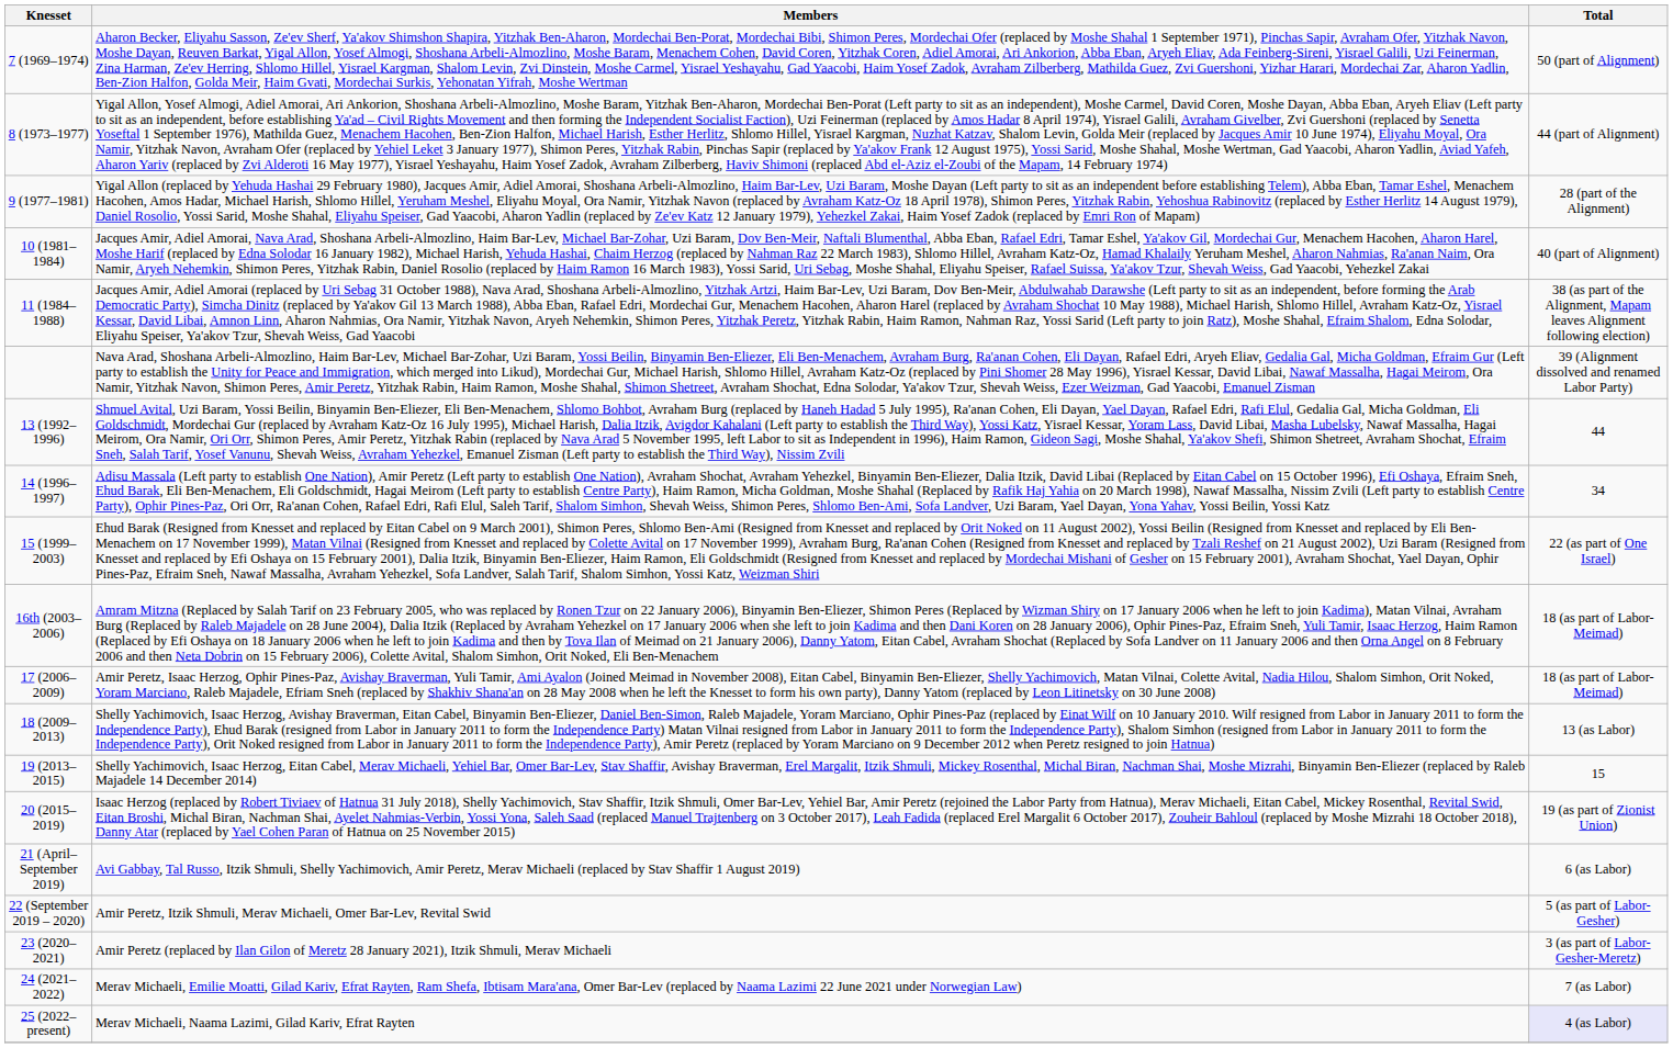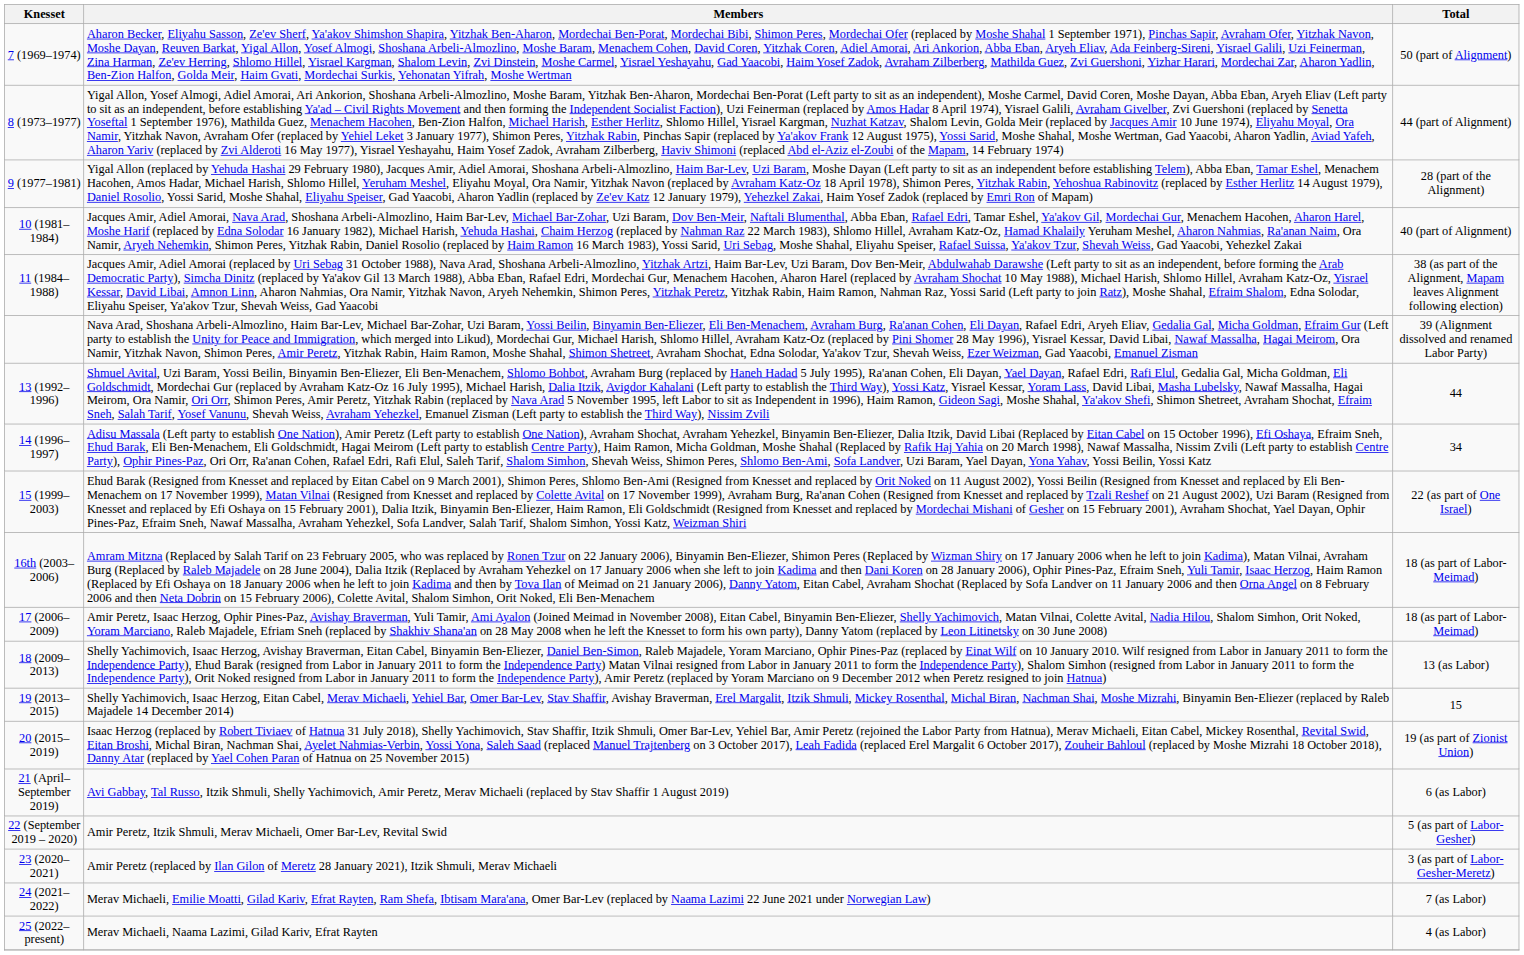 <table class="wikitable" style="text-align:center;">
 <tr>
 <th>Knesset</th>
 <th>Members</th>
 <th>Total</th>
 </tr>
 <tr>
 <td><a href='#'>7</a> (1969–1974)</td>
 <td style="text-align:left"><a href='#'>Aharon Becker</a>, <a href='#'>Eliyahu Sasson</a>, <a href='#'>Ze'ev Sherf</a>, <a href='#'>Ya'akov Shimshon Shapira</a>, <a href='#'>Yitzhak Ben-Aharon</a>, <a href='#'>Mordechai Ben-Porat</a>, <a href='#'>Mordechai Bibi</a>, <a href='#'>Shimon Peres</a>, <a href='#'>Mordechai Ofer</a> (replaced by <a href='#'>Moshe Shahal</a> 1 September 1971), <a href='#'>Pinchas Sapir</a>, <a href='#'>Avraham Ofer</a>, <a href='#'>Yitzhak Navon</a>, <a href='#'>Moshe Dayan</a>, <a href='#'>Reuven Barkat</a>, <a href='#'>Yigal Allon</a>, <a href='#'>Yosef Almogi</a>, <a href='#'>Shoshana Arbeli-Almozlino</a>, <a href='#'>Moshe Baram</a>, <a href='#'>Menachem Cohen</a>, <a href='#'>David Coren</a>, <a href='#'>Yitzhak Coren</a>, <a href='#'>Adiel Amorai</a>, <a href='#'>Ari Ankorion</a>, <a href='#'>Abba Eban</a>, <a href='#'>Aryeh Eliav</a>, <a href='#'>Ada Feinberg-Sireni</a>, <a href='#'>Yisrael Galili</a>, <a href='#'>Uzi Feinerman</a>, <a href='#'>Zina Harman</a>, <a href='#'>Ze'ev Herring</a>, <a href='#'>Shlomo Hillel</a>, <a href='#'>Yisrael Kargman</a>, <a href='#'>Shalom Levin</a>, <a href='#'>Zvi Dinstein</a>, <a href='#'>Moshe Carmel</a>, <a href='#'>Yisrael Yeshayahu</a>, <a href='#'>Gad Yaacobi</a>, <a href='#'>Haim Yosef Zadok</a>, <a href='#'>Avraham Zilberberg</a>, <a href='#'>Mathilda Guez</a>, <a href='#'>Zvi Guershoni</a>, <a href='#'>Yizhar Harari</a>, <a href='#'>Mordechai Zar</a>, <a href='#'>Aharon Yadlin</a>, <a href='#'>Ben-Zion Halfon</a>, <a href='#'>Golda Meir</a>, <a href='#'>Haim Gvati</a>, <a href='#'>Mordechai Surkis</a>, <a href='#'>Yehonatan Yifrah</a>, <a href='#'>Moshe Wertman</a></td>
 <td>50 (part of <a href='#'>Alignment</a>)</td>
 </tr>
 <tr>
 <td><a href='#'>8</a> (1973–1977)</td>
 <td style="text-align:left">Yigal Allon, Yosef Almogi, Adiel Amorai, Ari Ankorion, Shoshana Arbeli-Almozlino, Moshe Baram, Yitzhak Ben-Aharon, Mordechai Ben-Porat (Left party to sit as an independent), Moshe Carmel, David Coren, Moshe Dayan, Abba Eban, Aryeh Eliav (Left party to sit as an independent, before establishing <a href='#'>Ya'ad – Civil Rights Movement</a> and then forming the <a href='#'>Independent Socialist Faction</a>), Uzi Feinerman (replaced by <a href='#'>Amos Hadar</a> 8 April 1974), Yisrael Galili, <a href='#'>Avraham Givelber</a>, Zvi Guershoni (replaced by <a href='#'>Senetta Yoseftal</a> 1 September 1976), Mathilda Guez, <a href='#'>Menachem Hacohen</a>, Ben-Zion Halfon, <a href='#'>Michael Harish</a>, <a href='#'>Esther Herlitz</a>, Shlomo Hillel, Yisrael Kargman, <a href='#'>Nuzhat Katzav</a>, Shalom Levin, Golda Meir (replaced by <a href='#'>Jacques Amir</a> 10 June 1974), <a href='#'>Eliyahu Moyal</a>, <a href='#'>Ora Namir</a>, Yitzhak Navon, Avraham Ofer (replaced by <a href='#'>Yehiel Leket</a> 3 January 1977), Shimon Peres, <a href='#'>Yitzhak Rabin</a>, Pinchas Sapir (replaced by <a href='#'>Ya'akov Frank</a> 12 August 1975), <a href='#'>Yossi Sarid</a>, Moshe Shahal, Moshe Wertman, Gad Yaacobi, Aharon Yadlin, <a href='#'>Aviad Yafeh</a>, <a href='#'>Aharon Yariv</a> (replaced by <a href='#'>Zvi Alderoti</a> 16 May 1977), Yisrael Yeshayahu, Haim Yosef Zadok, Avraham Zilberberg, <a href='#'>Haviv Shimoni</a> (replaced <a href='#'>Abd el-Aziz el-Zoubi</a> of the <a href='#'>Mapam</a>, 14 February 1974)</td>
 <td>44 (part of Alignment)</td>
 </tr>
 <tr>
 <td><a href='#'>9</a> (1977–1981)</td>
 <td style="text-align:left">Yigal Allon (replaced by <a href='#'>Yehuda Hashai</a> 29 February 1980), Jacques Amir, Adiel Amorai, Shoshana Arbeli-Almozlino, <a href='#'>Haim Bar-Lev</a>, <a href='#'>Uzi Baram</a>, Moshe Dayan (Left party to sit as an independent before establishing <a href='#'>Telem</a>), Abba Eban, <a href='#'>Tamar Eshel</a>, Menachem Hacohen, Amos Hadar, Michael Harish, Shlomo Hillel, <a href='#'>Yeruham Meshel</a>, Eliyahu Moyal, Ora Namir, Yitzhak Navon (replaced by <a href='#'>Avraham Katz-Oz</a> 18 April 1978), Shimon Peres, <a href='#'>Yitzhak Rabin</a>, <a href='#'>Yehoshua Rabinovitz</a> (replaced by <a href='#'>Esther Herlitz</a> 14 August 1979), <a href='#'>Daniel Rosolio</a>, Yossi Sarid, Moshe Shahal, <a href='#'>Eliyahu Speiser</a>, Gad Yaacobi, Aharon Yadlin (replaced by <a href='#'>Ze'ev Katz</a> 12 January 1979), <a href='#'>Yehezkel Zakai</a>, Haim Yosef Zadok (replaced by <a href='#'>Emri Ron</a> of Mapam)</td>
 <td>28 (part of the Alignment)</td>
 </tr>
 <tr>
 <td><a href='#'>10</a> (1981–1984)</td>
 <td style="text-align:left">Jacques Amir, Adiel Amorai, <a href='#'>Nava Arad</a>, Shoshana Arbeli-Almozlino, Haim Bar-Lev, <a href='#'>Michael Bar-Zohar</a>, Uzi Baram, <a href='#'>Dov Ben-Meir</a>, <a href='#'>Naftali Blumenthal</a>, Abba Eban, <a href='#'>Rafael Edri</a>, Tamar Eshel, <a href='#'>Ya'akov Gil</a>, <a href='#'>Mordechai Gur</a>, Menachem Hacohen, <a href='#'>Aharon Harel</a>, <a href='#'>Moshe Harif</a> (replaced by <a href='#'>Edna Solodar</a> 16 January 1982), Michael Harish, <a href='#'>Yehuda Hashai</a>, <a href='#'>Chaim Herzog</a> (replaced by <a href='#'>Nahman Raz</a> 22 March 1983), Shlomo Hillel, Avraham Katz-Oz, <a href='#'>Hamad Khalaily</a> Yeruham Meshel, <a href='#'>Aharon Nahmias</a>, <a href='#'>Ra'anan Naim</a>, Ora Namir, <a href='#'>Aryeh Nehemkin</a>, Shimon Peres, Yitzhak Rabin, Daniel Rosolio (replaced by <a href='#'>Haim Ramon</a> 16 March 1983), Yossi Sarid, <a href='#'>Uri Sebag</a>, Moshe Shahal, Eliyahu Speiser, <a href='#'>Rafael Suissa</a>, <a href='#'>Ya'akov Tzur</a>, <a href='#'>Shevah Weiss</a>, Gad Yaacobi, Yehezkel Zakai</td>
 <td>40 (part of Alignment)</td>
 </tr>
 <tr>
 <td><a href='#'>11</a> (1984–1988)</td>
 <td style="text-align:left">Jacques Amir, Adiel Amorai (replaced by <a href='#'>Uri Sebag</a> 31 October 1988), Nava Arad, Shoshana Arbeli-Almozlino, <a href='#'>Yitzhak Artzi</a>, Haim Bar-Lev, Uzi Baram, Dov Ben-Meir, <a href='#'>Abdulwahab Darawshe</a> (Left party to sit as an independent, before forming the <a href='#'>Arab Democratic Party</a>), <a href='#'>Simcha Dinitz</a> (replaced by Ya'akov Gil 13 March 1988), Abba Eban, Rafael Edri, Mordechai Gur, Menachem Hacohen, Aharon Harel (replaced by <a href='#'>Avraham Shochat</a> 10 May 1988), Michael Harish, Shlomo Hillel, Avraham Katz-Oz, <a href='#'>Yisrael Kessar</a>, <a href='#'>David Libai</a>, <a href='#'>Amnon Linn</a>, Aharon Nahmias, Ora Namir, Yitzhak Navon, Aryeh Nehemkin, Shimon Peres, <a href='#'>Yitzhak Peretz</a>, Yitzhak Rabin, Haim Ramon, Nahman Raz, Yossi Sarid (Left party to join <a href='#'>Ratz</a>), Moshe Shahal, <a href='#'>Efraim Shalom</a>, Edna Solodar, Eliyahu Speiser, Ya'akov Tzur, Shevah Weiss, Gad Yaacobi</td>
 <td>38 (as part of the Alignment, <a href='#'>Mapam</a> leaves Alignment following election)</td>
 </tr>
 <tr>
 <td></td>
 <td style="text-align:left">Nava Arad, Shoshana Arbeli-Almozlino, Haim Bar-Lev, Michael Bar-Zohar, Uzi Baram, <a href='#'>Yossi Beilin</a>, <a href='#'>Binyamin Ben-Eliezer</a>, <a href='#'>Eli Ben-Menachem</a>, <a href='#'>Avraham Burg</a>, <a href='#'>Ra'anan Cohen</a>, <a href='#'>Eli Dayan</a>, Rafael Edri, Aryeh Eliav, <a href='#'>Gedalia Gal</a>, <a href='#'>Micha Goldman</a>, <a href='#'>Efraim Gur</a> (Left party to establish the <a href='#'>Unity for Peace and Immigration</a>, which merged into Likud), Mordechai Gur, Michael Harish, Shlomo Hillel, Avraham Katz-Oz (replaced by <a href='#'>Pini Shomer</a> 28 May 1996), Yisrael Kessar, David Libai, <a href='#'>Nawaf Massalha</a>, <a href='#'>Hagai Meirom</a>, Ora Namir, Yitzhak Navon, Shimon Peres, <a href='#'>Amir Peretz</a>, Yitzhak Rabin, Haim Ramon, Moshe Shahal, <a href='#'>Shimon Shetreet</a>, Avraham Shochat, Edna Solodar, Ya'akov Tzur, Shevah Weiss, <a href='#'>Ezer Weizman</a>, Gad Yaacobi, <a href='#'>Emanuel Zisman</a></td>
 <td>39 (Alignment dissolved and renamed Labor Party)</td>
 </tr>
 <tr>
 <td><a href='#'>13</a> (1992–1996)</td>
 <td style="text-align:left"><a href='#'>Shmuel Avital</a>, Uzi Baram, Yossi Beilin, Binyamin Ben-Eliezer, Eli Ben-Menachem, <a href='#'>Shlomo Bohbot</a>, Avraham Burg (replaced by <a href='#'>Haneh Hadad</a> 5 July 1995), Ra'anan Cohen, Eli Dayan, <a href='#'>Yael Dayan</a>, Rafael Edri, <a href='#'>Rafi Elul</a>, Gedalia Gal, Micha Goldman, <a href='#'>Eli Goldschmidt</a>, Mordechai Gur (replaced by Avraham Katz-Oz 16 July 1995), Michael Harish, <a href='#'>Dalia Itzik</a>, <a href='#'>Avigdor Kahalani</a> (Left party to establish the <a href='#'>Third Way</a>), <a href='#'>Yossi Katz</a>, Yisrael Kessar, <a href='#'>Yoram Lass</a>, David Libai, <a href='#'>Masha Lubelsky</a>, Nawaf Massalha, Hagai Meirom, Ora Namir, <a href='#'>Ori Orr</a>, Shimon Peres, Amir Peretz, Yitzhak Rabin (replaced by <a href='#'>Nava Arad</a> 5 November 1995, left Labor to sit as Independent in 1996), Haim Ramon, <a href='#'>Gideon Sagi</a>, Moshe Shahal, <a href='#'>Ya'akov Shefi</a>, Shimon Shetreet, Avraham Shochat, <a href='#'>Efraim Sneh</a>, <a href='#'>Salah Tarif</a>, <a href='#'>Yosef Vanunu</a>, Shevah Weiss, <a href='#'>Avraham Yehezkel</a>, Emanuel Zisman (Left party to establish the <a href='#'>Third Way</a>), <a href='#'>Nissim Zvili</a></td>
 <td>44</td>
 </tr>
 <tr>
 <td><a href='#'>14</a> (1996–1997)</td>
 <td style="text-align:left"><a href='#'>Adisu Massala</a> (Left party to establish <a href='#'>One Nation</a>), Amir Peretz (Left party to establish <a href='#'>One Nation</a>), Avraham Shochat, Avraham Yehezkel, Binyamin Ben-Eliezer, Dalia Itzik, David Libai (Replaced by <a href='#'>Eitan Cabel</a> on 15 October 1996), <a href='#'>Efi Oshaya</a>, Efraim Sneh, <a href='#'>Ehud Barak</a>, Eli Ben-Menachem, Eli Goldschmidt, Hagai Meirom (Left party to establish <a href='#'>Centre Party</a>), Haim Ramon, Micha Goldman, Moshe Shahal (Replaced by <a href='#'>Rafik Haj Yahia</a> on 20 March 1998), Nawaf Massalha, Nissim Zvili (Left party to establish <a href='#'>Centre Party</a>), <a href='#'>Ophir Pines-Paz</a>, Ori Orr, Ra'anan Cohen, Rafael Edri, Rafi Elul, Saleh Tarif, <a href='#'>Shalom Simhon</a>, Shevah Weiss, Shimon Peres, <a href='#'>Shlomo Ben-Ami</a>, <a href='#'>Sofa Landver</a>, Uzi Baram, Yael Dayan, <a href='#'>Yona Yahav</a>, Yossi Beilin, Yossi Katz</td>
 <td>34</td>
 </tr>
 <tr>
 <td><a href='#'>15</a> (1999–2003)</td>
 <td style="text-align:left">Ehud Barak (Resigned from Knesset and replaced by Eitan Cabel on 9 March 2001), Shimon Peres, Shlomo Ben-Ami (Resigned from Knesset and replaced by <a href='#'>Orit Noked</a> on 11 August 2002), Yossi Beilin (Resigned from Knesset and replaced by Eli Ben-Menachem on 17 November 1999), <a href='#'>Matan Vilnai</a> (Resigned from Knesset and replaced by <a href='#'>Colette Avital</a> on 17 November 1999), Avraham Burg, Ra'anan Cohen (Resigned from Knesset and replaced by <a href='#'>Tzali Reshef</a> on 21 August 2002), Uzi Baram (Resigned from Knesset and replaced by Efi Oshaya on 15 February 2001), Dalia Itzik, Binyamin Ben-Eliezer, Haim Ramon, Eli Goldschmidt (Resigned from Knesset and replaced by <a href='#'>Mordechai Mishani</a> of <a href='#'>Gesher</a> on 15 February 2001), Avraham Shochat, Yael Dayan, Ophir Pines-Paz, Efraim Sneh, Nawaf Massalha, Avraham Yehezkel, Sofa Landver, Salah Tarif, Shalom Simhon, Yossi Katz, <a href='#'>Weizman Shiri</a></td>
 <td>22 (as part of <a href='#'>One Israel</a>)</td>
 </tr>
 <tr>
 <td><a href='#'>16th</a> (2003–2006)</td>
 <td style="text-align:left"><br><a href='#'>Amram Mitzna</a> (Replaced by Salah Tarif on 23 February 2005, who was replaced by <a href='#'>Ronen Tzur</a> on 22 January 2006), Binyamin Ben-Eliezer, Shimon Peres (Replaced by <a href='#'>Wizman Shiry</a> on 17 January 2006 when he left to join <a href='#'>Kadima</a>), Matan Vilnai, Avraham Burg (Replaced by <a href='#'>Raleb Majadele</a> on 28 June 2004), Dalia Itzik (Replaced by Avraham Yehezkel on 17 January 2006 when she left to join <a href='#'>Kadima</a> and then <a href='#'>Dani Koren</a> on 28 January 2006), Ophir Pines-Paz, Efraim Sneh, <a href='#'>Yuli Tamir</a>, <a href='#'>Isaac Herzog</a>, Haim Ramon (Replaced by Efi Oshaya on 18 January 2006 when he left to join <a href='#'>Kadima</a> and then by <a href='#'>Tova Ilan</a> of Meimad on 21 January 2006), <a href='#'>Danny Yatom</a>, Eitan Cabel, Avraham Shochat (Replaced by Sofa Landver on 11 January 2006 and then <a href='#'>Orna Angel</a> on 8 February 2006 and then <a href='#'>Neta Dobrin</a> on 15 February 2006), Colette Avital, Shalom Simhon, Orit Noked, Eli Ben-Menachem</td>
 <td>18 (as part of Labor-<a href='#'>Meimad</a>)</td>
 </tr>
 <tr>
 <td><a href='#'>17</a> (2006–2009)</td>
 <td style="text-align:left">Amir Peretz, Isaac Herzog, Ophir Pines-Paz, <a href='#'>Avishay Braverman</a>, Yuli Tamir, <a href='#'>Ami Ayalon</a> (Joined Meimad in November 2008), Eitan Cabel, Binyamin Ben-Eliezer, <a href='#'>Shelly Yachimovich</a>, Matan Vilnai, Colette Avital, <a href='#'>Nadia Hilou</a>, Shalom Simhon, Orit Noked, <a href='#'>Yoram Marciano</a>, Raleb Majadele, Efriam Sneh (replaced by <a href='#'>Shakhiv Shana'an</a> on 28 May 2008 when he left the Knesset to form his own party), Danny Yatom (replaced by <a href='#'>Leon Litinetsky</a> on 30 June 2008)</td>
 <td>18 (as part of Labor-<a href='#'>Meimad</a>)</td>
 </tr>
 <tr>
 <td><a href='#'>18</a> (2009–2013)</td>
 <td style="text-align:left">Shelly Yachimovich, Isaac Herzog, Avishay Braverman, Eitan Cabel, Binyamin Ben-Eliezer, <a href='#'>Daniel Ben-Simon</a>, Raleb Majadele, Yoram Marciano, Ophir Pines-Paz (replaced by <a href='#'>Einat Wilf</a> on 10 January 2010. Wilf resigned from Labor in January 2011 to form the <a href='#'>Independence Party</a>), Ehud Barak (resigned from Labor in January 2011 to form the <a href='#'>Independence Party</a>) Matan Vilnai resigned from Labor in January 2011 to form the <a href='#'>Independence Party</a>), Shalom Simhon (resigned from Labor in January 2011 to form the <a href='#'>Independence Party</a>), Orit Noked resigned from Labor in January 2011 to form the <a href='#'>Independence Party</a>), Amir Peretz (replaced by Yoram Marciano on 9 December 2012 when Peretz resigned to join <a href='#'>Hatnua</a>)</td>
 <td>13 (as Labor)</td>
 </tr>
 <tr>
 <td><a href='#'>19</a> (2013–2015)</td>
 <td style="text-align:left">Shelly Yachimovich, Isaac Herzog, Eitan Cabel, <a href='#'>Merav Michaeli</a>, <a href='#'>Yehiel Bar</a>, <a href='#'>Omer Bar-Lev</a>, <a href='#'>Stav Shaffir</a>, Avishay Braverman, <a href='#'>Erel Margalit</a>, <a href='#'>Itzik Shmuli</a>, <a href='#'>Mickey Rosenthal</a>, <a href='#'>Michal Biran</a>, <a href='#'>Nachman Shai</a>, <a href='#'>Moshe Mizrahi</a>, Binyamin Ben-Eliezer (replaced by Raleb Majadele 14 December 2014)</td>
 <td>15</td>
 </tr>
 <tr>
 <td><a href='#'>20</a> (2015–2019)</td>
 <td style="text-align:left">Isaac Herzog (replaced by <a href='#'>Robert Tiviaev</a> of <a href='#'>Hatnua</a> 31 July 2018), Shelly Yachimovich, Stav Shaffir, Itzik Shmuli, Omer Bar-Lev, Yehiel Bar, Amir Peretz (rejoined the Labor Party from Hatnua), Merav Michaeli, Eitan Cabel, Mickey Rosenthal, <a href='#'>Revital Swid</a>, <a href='#'>Eitan Broshi</a>, Michal Biran, Nachman Shai, <a href='#'>Ayelet Nahmias-Verbin</a>, <a href='#'>Yossi Yona</a>, <a href='#'>Saleh Saad</a> (replaced <a href='#'>Manuel Trajtenberg</a> on 3 October 2017), <a href='#'>Leah Fadida</a> (replaced Erel Margalit 6 October 2017), <a href='#'>Zouheir Bahloul</a> (replaced by Moshe Mizrahi 18 October 2018), <a href='#'>Danny Atar</a> (replaced by <a href='#'>Yael Cohen Paran</a> of Hatnua on 25 November 2015)</td>
 <td>19 (as part of <a href='#'>Zionist Union</a>)</td>
 </tr>
 <tr>
 <td><a href='#'>21</a> (April–September 2019)</td>
 <td style="text-align:left"><a href='#'>Avi Gabbay</a>, <a href='#'>Tal Russo</a>, Itzik Shmuli, Shelly Yachimovich, Amir Peretz, Merav Michaeli (replaced by Stav Shaffir 1 August 2019)</td>
 <td>6 (as Labor)</td>
 </tr>
 <tr>
 <td><a href='#'>22</a> (September 2019 – 2020)</td>
 <td style="text-align:left">Amir Peretz, Itzik Shmuli, Merav Michaeli, Omer Bar-Lev, Revital Swid</td>
 <td>5 (as part of <a href='#'>Labor-Gesher</a>)</td>
 </tr>
 <tr>
 <td><a href='#'>23</a> (2020–2021)</td>
 <td style="text-align:left">Amir Peretz (replaced by <a href='#'>Ilan Gilon</a> of <a href='#'>Meretz</a> 28 January 2021), Itzik Shmuli, Merav Michaeli</td>
 <td>3 (as part of <a href='#'>Labor-Gesher-Meretz</a>)</td>
 </tr>
 <tr>
 <td><a href='#'>24</a> (2021–2022)</td>
 <td style="text-align:left">Merav Michaeli, <a href='#'>Emilie Moatti</a>, <a href='#'>Gilad Kariv</a>, <a href='#'>Efrat Rayten</a>, <a href='#'>Ram Shefa</a>, <a href='#'>Ibtisam Mara'ana</a>, Omer Bar-Lev (replaced by <a href='#'>Naama Lazimi</a> 22 June 2021 under <a href='#'>Norwegian Law</a>)</td>
 <td>7 (as Labor)</td>
 </tr>
 <tr>
 <td><a href='#'>25</a> (2022–present)</td>
 <td style="text-align:left">Merav Michaeli, Naama Lazimi, Gilad Kariv, Efrat Rayten</td>
-<td style="background: lavender;">4 (as Labor)</td>
+<td>4 (as Labor)</td>
 </tr>
 <tr>
 </tr>
 </table>
